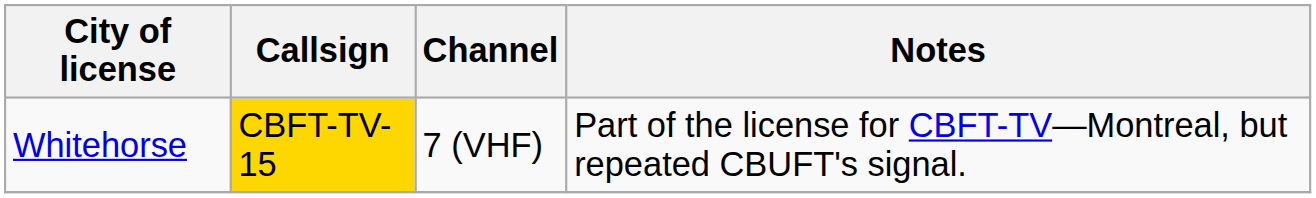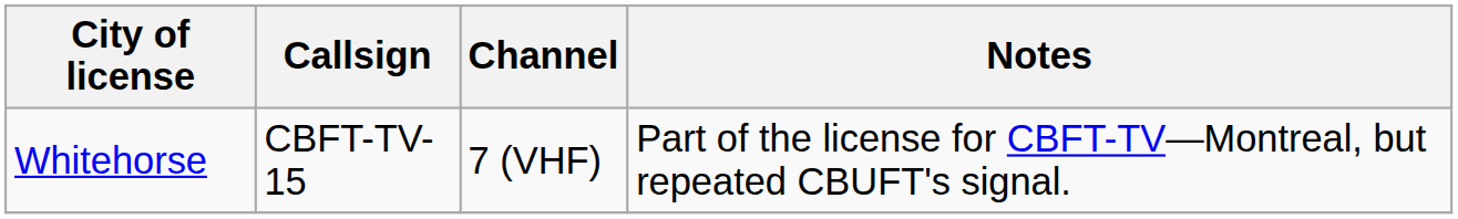 <table class="wikitable sortable">
 <tr>
 <th>City of license</th>
 <th>Callsign</th>
 <th>Channel</th>
 <th>Notes</th>
 </tr>
 <tr>
 <td><a href='#'>Whitehorse</a></td>
-<td style="background: gold;">CBFT-TV-15</td>
+<td>CBFT-TV-15</td>
 <td>7 (VHF)</td>
 <td>Part of the license for <a href='#'>CBFT-TV</a>—Montreal, but repeated CBUFT's signal.</td>
 </tr>
 <tr>
 </tr>
 </table>
